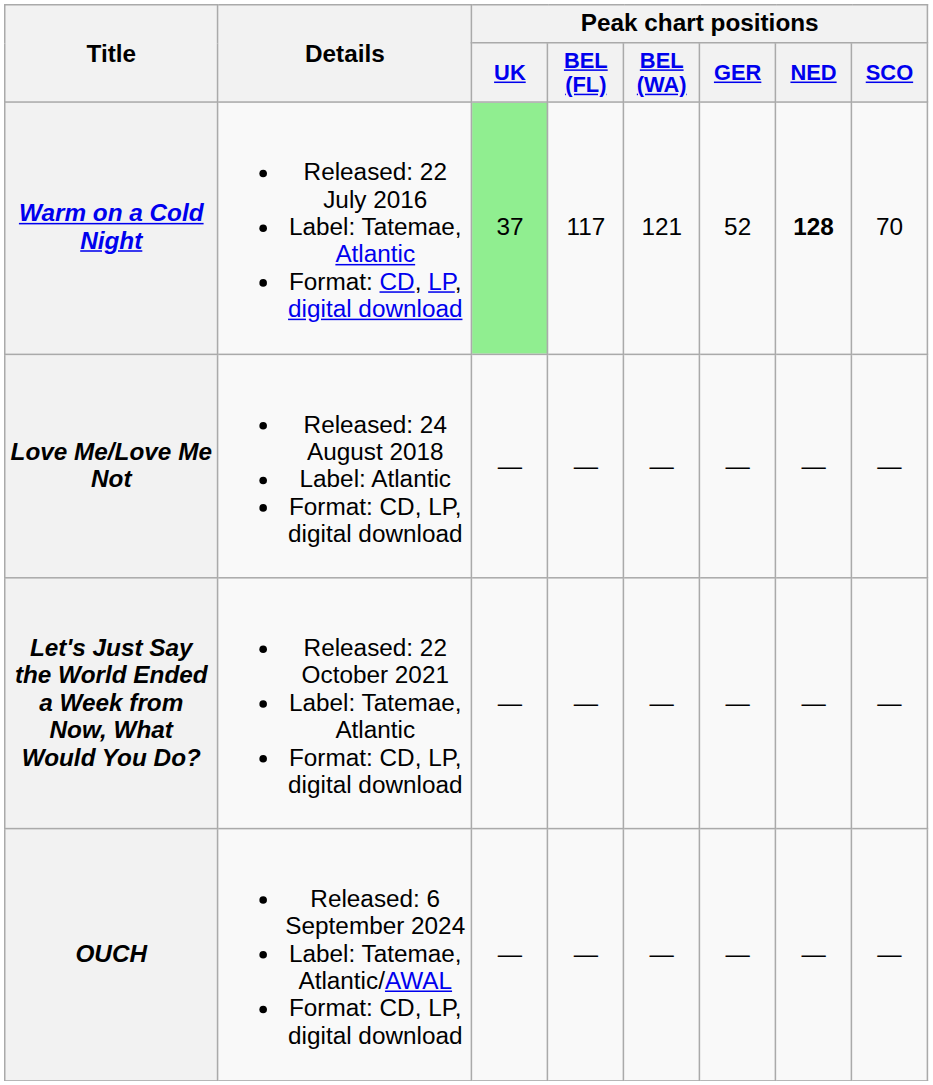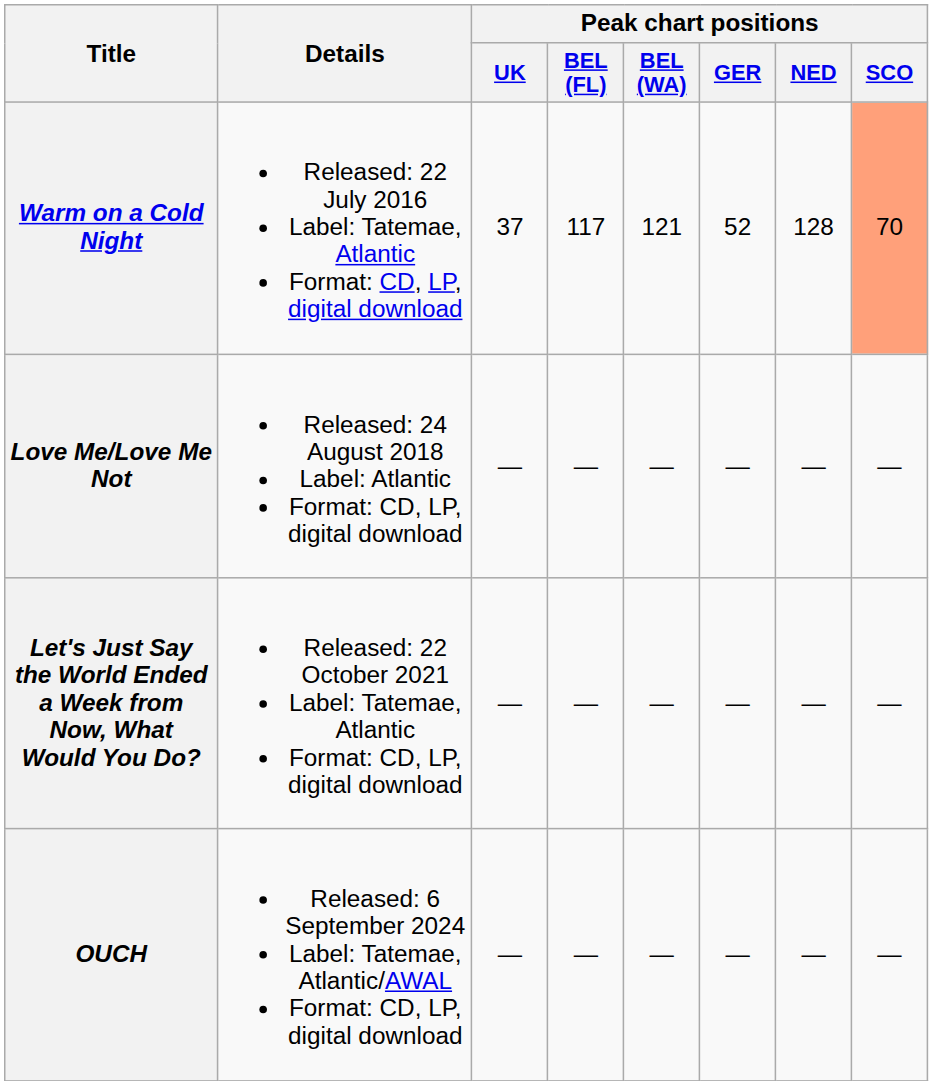 <table class="wikitable plainrowheaders" style="text-align:center">
 <tr>
 <th rowspan="2">Title</th>
 <th rowspan="2">Details</th>
 <th colspan="7">Peak chart positions</th>
 </tr>
 <tr>
 <th scope="col" style="width:3em;font-size:90%;"><a href='#'>UK</a><br></th>
 <th scope="col" style="width:3em;font-size:90%;"><a href='#'>BEL<br>(FL)</a><br></th>
 <th scope="col" style="width:3em;font-size:90%;"><a href='#'>BEL<br>(WA)</a><br></th>
 <th scope="col" style="width:3em;font-size:90%;"><a href='#'>GER</a><br></th>
 <th scope="col" style="width:3em;font-size:90%;"><a href='#'>NED</a><br></th>
 <th scope="col" style="width:3em;font-size:90%;"><a href='#'>SCO</a><br></th>
 </tr>
 <tr>
 <th scope="row"><em><a href='#'>Warm on a Cold Night</a></em></th>
 <td><br><ul><li>Released: 22 July 2016</li><li>Label: Tatemae, <a href='#'>Atlantic</a></li><li>Format: <a href='#'>CD</a>, <a href='#'>LP</a>, <a href='#'>digital download</a></li></ul></td>
-<td style="background: lightgreen;">37</td>
+<td>37</td>
 <td>117</td>
 <td>121</td>
 <td>52</td>
-<td><strong>128</strong></td>
-<td>70</td>
+<td>128</td>
+<td style="background: lightsalmon;">70</td>
 </tr>
 <tr>
 <th scope="row"><em>Love Me/Love Me Not</em></th>
 <td><br><ul><li>Released: 24 August 2018</li><li>Label: Atlantic</li><li>Format: CD, LP, digital download</li></ul></td>
 <td>—</td>
 <td>—</td>
 <td>—</td>
 <td>—</td>
 <td>—</td>
 <td>—</td>
 </tr>
 <tr>
 <th scope="row"><em>Let's Just Say the World Ended a Week from Now, What Would You Do?</em></th>
 <td><br><ul><li>Released: 22 October 2021</li><li>Label: Tatemae, Atlantic</li><li>Format: CD, LP, digital download</li></ul></td>
 <td>—</td>
 <td>—</td>
 <td>—</td>
 <td>—</td>
 <td>—</td>
 <td>—</td>
 </tr>
 <tr>
 <th scope="row"><em>OUCH</em></th>
 <td><br><ul><li>Released: 6 September 2024</li><li>Label: Tatemae, Atlantic/<a href='#'>AWAL</a></li><li>Format: CD, LP, digital download</li></ul></td>
 <td>—</td>
 <td>—</td>
 <td>—</td>
 <td>—</td>
 <td>—</td>
 <td>—</td>
 </tr>
 </table>
